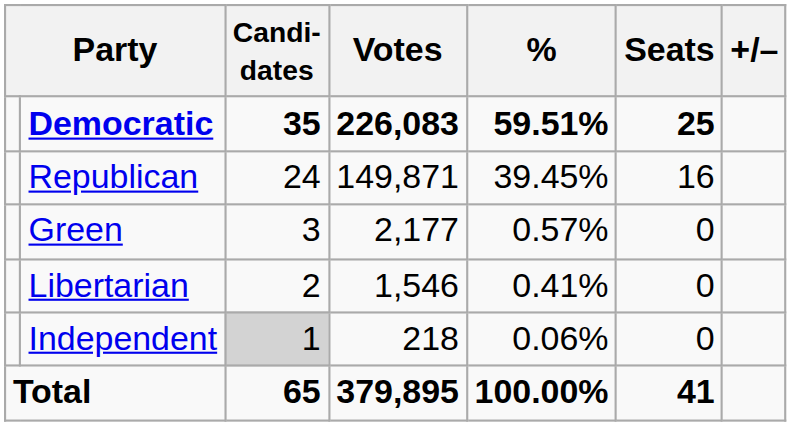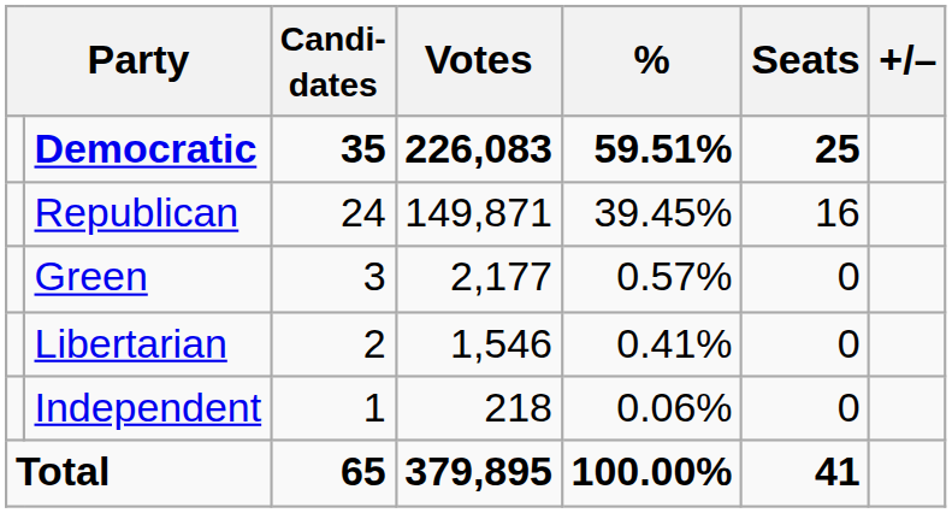 <table class="wikitable" style="font-size:100%; text-align:right;">
 <tr>
 <th colspan=2>Party</th>
 <th><small>Candi-<br>dates</small></th>
 <th>Votes</th>
 <th>%</th>
 <th>Seats</th>
 <th>+/–</th>
 </tr>
 <tr>
 <td style="background:"></td>
 <td align=left><strong><a href='#'>Democratic</a></strong></td>
 <td><strong>35</strong></td>
 <td><strong>226,083</strong></td>
 <td><strong>59.51%</strong></td>
 <td><strong>25</strong></td>
 <td><strong></strong></td>
 </tr>
 <tr>
 <td style="background:"></td>
 <td align=left><a href='#'>Republican</a></td>
 <td>24</td>
 <td>149,871</td>
 <td>39.45%</td>
 <td>16</td>
 <td></td>
 </tr>
 <tr>
 <td style="background:"></td>
 <td align=left><a href='#'>Green</a></td>
 <td>3</td>
 <td>2,177</td>
 <td>0.57%</td>
 <td>0</td>
 <td></td>
 </tr>
 <tr>
 <td style="background:"></td>
 <td align=left><a href='#'>Libertarian</a></td>
 <td>2</td>
 <td>1,546</td>
 <td>0.41%</td>
 <td>0</td>
 <td></td>
 </tr>
 <tr>
 <td style="background:"></td>
 <td align=left><a href='#'>Independent</a></td>
-<td style="background: lightgrey;">1</td>
+<td>1</td>
 <td>218</td>
 <td>0.06%</td>
 <td>0</td>
 <td></td>
 </tr>
 <tr style="font-weight:bold">
 <td colspan=2 align=left>Total</td>
 <td><strong>65</strong></td>
 <td><strong>379,895</strong></td>
 <td><strong>100.00%</strong></td>
 <td><strong>41</strong></td>
 <td><strong></strong></td>
 </tr>
 </table>
